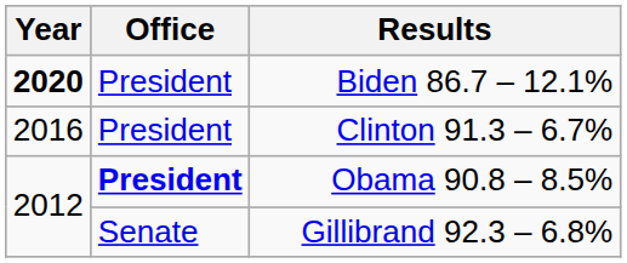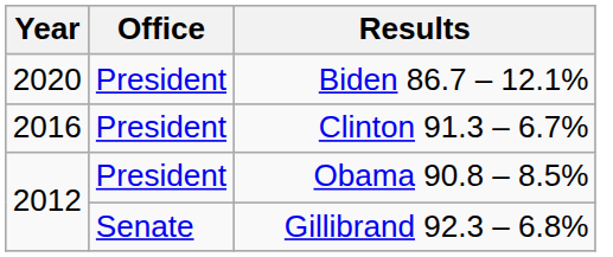 <table class=wikitable>
 <tr>
 <th width="30">Year</th>
 <th width="60">Office</th>
 <th width="180">Results</th>
 </tr>
 <tr>
-<td><strong>2020</strong></td>
+<td>2020</td>
 <td><a href='#'>President</a></td>
 <td align="right" ><a href='#'>Biden</a> 86.7 – 12.1%</td>
 </tr>
 <tr>
 <td>2016</td>
 <td><a href='#'>President</a></td>
 <td align="right" ><a href='#'>Clinton</a> 91.3 – 6.7%</td>
 </tr>
 <tr>
 <td rowspan="2">2012</td>
-<td><strong><a href='#'>President</a></strong></td>
+<td><a href='#'>President</a></td>
 <td align="right" ><a href='#'>Obama</a> 90.8 – 8.5%</td>
 </tr>
 <tr>
 <td><a href='#'>Senate</a></td>
 <td align="right" ><a href='#'>Gillibrand</a> 92.3 – 6.8%</td>
 </tr>
 </table>
